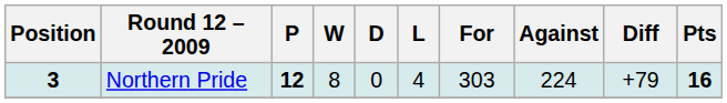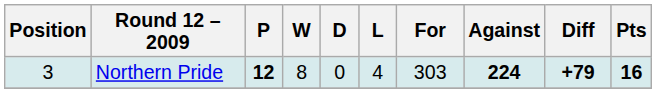 <table class="wikitable" style="text-align:center; font-size:85%;">
 <tr>
 <th width=40 abbr="Position">Position</th>
 <th width=100>Round 12 – 2009</th>
 <th width=20 abbr="Played">P</th>
 <th width=20 abbr="Won">W</th>
 <th width=20 abbr="Drawn">D</th>
 <th width=20 abbr="Lost">L</th>
 <th width=40 abbr="Points for">For</th>
 <th width=40 abbr="Points against">Against</th>
 <th width=40 abbr="Points difference">Diff</th>
 <th width=20 abbr="Points">Pts</th>
 </tr>
 <tr style="background: #d7ebed;">
-<td><strong>3</strong></td>
+<td>3</td>
 <td style="text-align:left;"> <a href='#'>Northern Pride</a></td>
 <td><strong>12</strong></td>
 <td>8</td>
 <td>0</td>
 <td>4</td>
 <td>303</td>
-<td>224</td>
-<td>+79</td>
+<td><strong>224</strong></td>
+<td><strong>+79</strong></td>
 <td><strong>16</strong></td>
 </tr>
 <tr>
 </tr>
 </table>
